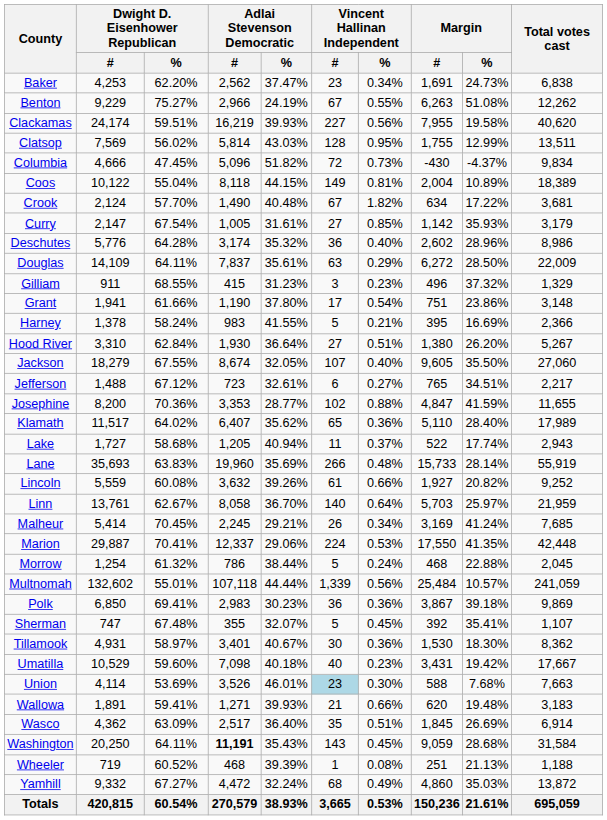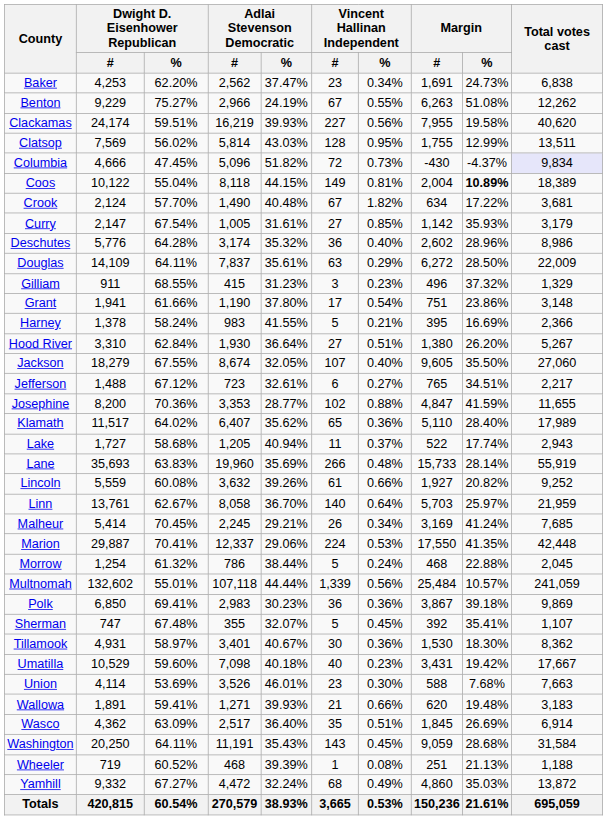 <table width="60%"  class="wikitable sortable" style="text-align:center">
 <tr>
 <th style="text-align:center;" rowspan="2">County</th>
 <th style="text-align:center;" colspan="2">Dwight D. Eisenhower<br>Republican</th>
 <th style="text-align:center;" colspan="2">Adlai Stevenson<br>Democratic</th>
 <th style="text-align:center;" colspan="2">Vincent Hallinan<br>Independent</th>
 <th style="text-align:center;" colspan="2">Margin</th>
 <th style="text-align:center;" rowspan="2">Total votes cast</th>
 </tr>
 <tr>
 <th style="text-align:center;" data-sort-type="number">#</th>
 <th style="text-align:center;" data-sort-type="number">%</th>
 <th style="text-align:center;" data-sort-type="number">#</th>
 <th style="text-align:center;" data-sort-type="number">%</th>
 <th style="text-align:center;" data-sort-type="number">#</th>
 <th style="text-align:center;" data-sort-type="number">%</th>
 <th style="text-align:center;" data-sort-type="number">#</th>
 <th style="text-align:center;" data-sort-type="number">%</th>
 </tr>
 <tr style="text-align:center;">
 <td><a href='#'>Baker</a></td>
 <td>4,253</td>
 <td>62.20%</td>
 <td>2,562</td>
 <td>37.47%</td>
 <td>23</td>
 <td>0.34%</td>
 <td>1,691</td>
 <td>24.73%</td>
 <td>6,838</td>
 </tr>
 <tr style="text-align:center;">
 <td><a href='#'>Benton</a></td>
 <td>9,229</td>
 <td>75.27%</td>
 <td>2,966</td>
 <td>24.19%</td>
 <td>67</td>
 <td>0.55%</td>
 <td>6,263</td>
 <td>51.08%</td>
 <td>12,262</td>
 </tr>
 <tr style="text-align:center;">
 <td><a href='#'>Clackamas</a></td>
 <td>24,174</td>
 <td>59.51%</td>
 <td>16,219</td>
 <td>39.93%</td>
 <td>227</td>
 <td>0.56%</td>
 <td>7,955</td>
 <td>19.58%</td>
 <td>40,620</td>
 </tr>
 <tr style="text-align:center;">
 <td><a href='#'>Clatsop</a></td>
 <td>7,569</td>
 <td>56.02%</td>
 <td>5,814</td>
 <td>43.03%</td>
 <td>128</td>
 <td>0.95%</td>
 <td>1,755</td>
 <td>12.99%</td>
 <td>13,511</td>
 </tr>
 <tr style="text-align:center;">
 <td><a href='#'>Columbia</a></td>
 <td>4,666</td>
 <td>47.45%</td>
 <td>5,096</td>
 <td>51.82%</td>
 <td>72</td>
 <td>0.73%</td>
 <td>-430</td>
 <td>-4.37%</td>
-<td>9,834</td>
+<td style="background: lavender;">9,834</td>
 </tr>
 <tr style="text-align:center;">
 <td><a href='#'>Coos</a></td>
 <td>10,122</td>
 <td>55.04%</td>
 <td>8,118</td>
 <td>44.15%</td>
 <td>149</td>
 <td>0.81%</td>
 <td>2,004</td>
-<td>10.89%</td>
+<td><strong>10.89%</strong></td>
 <td>18,389</td>
 </tr>
 <tr style="text-align:center;">
 <td><a href='#'>Crook</a></td>
 <td>2,124</td>
 <td>57.70%</td>
 <td>1,490</td>
 <td>40.48%</td>
 <td>67</td>
 <td>1.82%</td>
 <td>634</td>
 <td>17.22%</td>
 <td>3,681</td>
 </tr>
 <tr style="text-align:center;">
 <td><a href='#'>Curry</a></td>
 <td>2,147</td>
 <td>67.54%</td>
 <td>1,005</td>
 <td>31.61%</td>
 <td>27</td>
 <td>0.85%</td>
 <td>1,142</td>
 <td>35.93%</td>
 <td>3,179</td>
 </tr>
 <tr style="text-align:center;">
 <td><a href='#'>Deschutes</a></td>
 <td>5,776</td>
 <td>64.28%</td>
 <td>3,174</td>
 <td>35.32%</td>
 <td>36</td>
 <td>0.40%</td>
 <td>2,602</td>
 <td>28.96%</td>
 <td>8,986</td>
 </tr>
 <tr style="text-align:center;">
 <td><a href='#'>Douglas</a></td>
 <td>14,109</td>
 <td>64.11%</td>
 <td>7,837</td>
 <td>35.61%</td>
 <td>63</td>
 <td>0.29%</td>
 <td>6,272</td>
 <td>28.50%</td>
 <td>22,009</td>
 </tr>
 <tr style="text-align:center;">
 <td><a href='#'>Gilliam</a></td>
 <td>911</td>
 <td>68.55%</td>
 <td>415</td>
 <td>31.23%</td>
 <td>3</td>
 <td>0.23%</td>
 <td>496</td>
 <td>37.32%</td>
 <td>1,329</td>
 </tr>
 <tr style="text-align:center;">
 <td><a href='#'>Grant</a></td>
 <td>1,941</td>
 <td>61.66%</td>
 <td>1,190</td>
 <td>37.80%</td>
 <td>17</td>
 <td>0.54%</td>
 <td>751</td>
 <td>23.86%</td>
 <td>3,148</td>
 </tr>
 <tr style="text-align:center;">
 <td><a href='#'>Harney</a></td>
 <td>1,378</td>
 <td>58.24%</td>
 <td>983</td>
 <td>41.55%</td>
 <td>5</td>
 <td>0.21%</td>
 <td>395</td>
 <td>16.69%</td>
 <td>2,366</td>
 </tr>
 <tr style="text-align:center;">
 <td><a href='#'>Hood River</a></td>
 <td>3,310</td>
 <td>62.84%</td>
 <td>1,930</td>
 <td>36.64%</td>
 <td>27</td>
 <td>0.51%</td>
 <td>1,380</td>
 <td>26.20%</td>
 <td>5,267</td>
 </tr>
 <tr style="text-align:center;">
 <td><a href='#'>Jackson</a></td>
 <td>18,279</td>
 <td>67.55%</td>
 <td>8,674</td>
 <td>32.05%</td>
 <td>107</td>
 <td>0.40%</td>
 <td>9,605</td>
 <td>35.50%</td>
 <td>27,060</td>
 </tr>
 <tr style="text-align:center;">
 <td><a href='#'>Jefferson</a></td>
 <td>1,488</td>
 <td>67.12%</td>
 <td>723</td>
 <td>32.61%</td>
 <td>6</td>
 <td>0.27%</td>
 <td>765</td>
 <td>34.51%</td>
 <td>2,217</td>
 </tr>
 <tr style="text-align:center;">
 <td><a href='#'>Josephine</a></td>
 <td>8,200</td>
 <td>70.36%</td>
 <td>3,353</td>
 <td>28.77%</td>
 <td>102</td>
 <td>0.88%</td>
 <td>4,847</td>
 <td>41.59%</td>
 <td>11,655</td>
 </tr>
 <tr style="text-align:center;">
 <td><a href='#'>Klamath</a></td>
 <td>11,517</td>
 <td>64.02%</td>
 <td>6,407</td>
 <td>35.62%</td>
 <td>65</td>
 <td>0.36%</td>
 <td>5,110</td>
 <td>28.40%</td>
 <td>17,989</td>
 </tr>
 <tr style="text-align:center;">
 <td><a href='#'>Lake</a></td>
 <td>1,727</td>
 <td>58.68%</td>
 <td>1,205</td>
 <td>40.94%</td>
 <td>11</td>
 <td>0.37%</td>
 <td>522</td>
 <td>17.74%</td>
 <td>2,943</td>
 </tr>
 <tr style="text-align:center;">
 <td><a href='#'>Lane</a></td>
 <td>35,693</td>
 <td>63.83%</td>
 <td>19,960</td>
 <td>35.69%</td>
 <td>266</td>
 <td>0.48%</td>
 <td>15,733</td>
 <td>28.14%</td>
 <td>55,919</td>
 </tr>
 <tr style="text-align:center;">
 <td><a href='#'>Lincoln</a></td>
 <td>5,559</td>
 <td>60.08%</td>
 <td>3,632</td>
 <td>39.26%</td>
 <td>61</td>
 <td>0.66%</td>
 <td>1,927</td>
 <td>20.82%</td>
 <td>9,252</td>
 </tr>
 <tr style="text-align:center;">
 <td><a href='#'>Linn</a></td>
 <td>13,761</td>
 <td>62.67%</td>
 <td>8,058</td>
 <td>36.70%</td>
 <td>140</td>
 <td>0.64%</td>
 <td>5,703</td>
 <td>25.97%</td>
 <td>21,959</td>
 </tr>
 <tr style="text-align:center;">
 <td><a href='#'>Malheur</a></td>
 <td>5,414</td>
 <td>70.45%</td>
 <td>2,245</td>
 <td>29.21%</td>
 <td>26</td>
 <td>0.34%</td>
 <td>3,169</td>
 <td>41.24%</td>
 <td>7,685</td>
 </tr>
 <tr style="text-align:center;">
 <td><a href='#'>Marion</a></td>
 <td>29,887</td>
 <td>70.41%</td>
 <td>12,337</td>
 <td>29.06%</td>
 <td>224</td>
 <td>0.53%</td>
 <td>17,550</td>
 <td>41.35%</td>
 <td>42,448</td>
 </tr>
 <tr style="text-align:center;">
 <td><a href='#'>Morrow</a></td>
 <td>1,254</td>
 <td>61.32%</td>
 <td>786</td>
 <td>38.44%</td>
 <td>5</td>
 <td>0.24%</td>
 <td>468</td>
 <td>22.88%</td>
 <td>2,045</td>
 </tr>
 <tr style="text-align:center;">
 <td><a href='#'>Multnomah</a></td>
 <td>132,602</td>
 <td>55.01%</td>
 <td>107,118</td>
 <td>44.44%</td>
 <td>1,339</td>
 <td>0.56%</td>
 <td>25,484</td>
 <td>10.57%</td>
 <td>241,059</td>
 </tr>
 <tr style="text-align:center;">
 <td><a href='#'>Polk</a></td>
 <td>6,850</td>
 <td>69.41%</td>
 <td>2,983</td>
 <td>30.23%</td>
 <td>36</td>
 <td>0.36%</td>
 <td>3,867</td>
 <td>39.18%</td>
 <td>9,869</td>
 </tr>
 <tr style="text-align:center;">
 <td><a href='#'>Sherman</a></td>
 <td>747</td>
 <td>67.48%</td>
 <td>355</td>
 <td>32.07%</td>
 <td>5</td>
 <td>0.45%</td>
 <td>392</td>
 <td>35.41%</td>
 <td>1,107</td>
 </tr>
 <tr style="text-align:center;">
 <td><a href='#'>Tillamook</a></td>
 <td>4,931</td>
 <td>58.97%</td>
 <td>3,401</td>
 <td>40.67%</td>
 <td>30</td>
 <td>0.36%</td>
 <td>1,530</td>
 <td>18.30%</td>
 <td>8,362</td>
 </tr>
 <tr style="text-align:center;">
 <td><a href='#'>Umatilla</a></td>
 <td>10,529</td>
 <td>59.60%</td>
 <td>7,098</td>
 <td>40.18%</td>
 <td>40</td>
 <td>0.23%</td>
 <td>3,431</td>
 <td>19.42%</td>
 <td>17,667</td>
 </tr>
 <tr style="text-align:center;">
 <td><a href='#'>Union</a></td>
 <td>4,114</td>
 <td>53.69%</td>
 <td>3,526</td>
 <td>46.01%</td>
-<td style="background: lightblue;">23</td>
+<td>23</td>
 <td>0.30%</td>
 <td>588</td>
 <td>7.68%</td>
 <td>7,663</td>
 </tr>
 <tr style="text-align:center;">
 <td><a href='#'>Wallowa</a></td>
 <td>1,891</td>
 <td>59.41%</td>
 <td>1,271</td>
 <td>39.93%</td>
 <td>21</td>
 <td>0.66%</td>
 <td>620</td>
 <td>19.48%</td>
 <td>3,183</td>
 </tr>
 <tr style="text-align:center;">
 <td><a href='#'>Wasco</a></td>
 <td>4,362</td>
 <td>63.09%</td>
 <td>2,517</td>
 <td>36.40%</td>
 <td>35</td>
 <td>0.51%</td>
 <td>1,845</td>
 <td>26.69%</td>
 <td>6,914</td>
 </tr>
 <tr style="text-align:center;">
 <td><a href='#'>Washington</a></td>
 <td>20,250</td>
 <td>64.11%</td>
-<td><strong>11,191</strong></td>
+<td>11,191</td>
 <td>35.43%</td>
 <td>143</td>
 <td>0.45%</td>
 <td>9,059</td>
 <td>28.68%</td>
 <td>31,584</td>
 </tr>
 <tr style="text-align:center;">
 <td><a href='#'>Wheeler</a></td>
 <td>719</td>
 <td>60.52%</td>
 <td>468</td>
 <td>39.39%</td>
 <td>1</td>
 <td>0.08%</td>
 <td>251</td>
 <td>21.13%</td>
 <td>1,188</td>
 </tr>
 <tr style="text-align:center;">
 <td><a href='#'>Yamhill</a></td>
 <td>9,332</td>
 <td>67.27%</td>
 <td>4,472</td>
 <td>32.24%</td>
 <td>68</td>
 <td>0.49%</td>
 <td>4,860</td>
 <td>35.03%</td>
 <td>13,872</td>
 </tr>
 <tr style="text-align:center;">
 <th>Totals</th>
 <th>420,815</th>
 <th>60.54%</th>
 <th>270,579</th>
 <th>38.93%</th>
 <th>3,665</th>
 <th>0.53%</th>
 <th>150,236</th>
 <th>21.61%</th>
 <th>695,059</th>
 </tr>
 </table>
